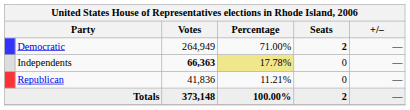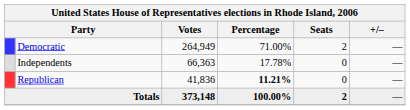 <table class="wikitable" style="font-size: 95%;">
 <tr>
 <th colspan="6">United States House of Representatives elections in Rhode Island, 2006</th>
 </tr>
 <tr>
 <th colspan=2 style="width: 15em">Party</th>
 <th style="width: 5em">Votes</th>
 <th style="width: 7em">Percentage</th>
 <th style="width: 5em">Seats</th>
 <th style="width: 5em">+/–</th>
 </tr>
 <tr>
 <th style="background-color:#3333FF; width: 3px"></th>
 <td style="width: 130px"><a href='#'>Democratic</a></td>
 <td align="right">264,949</td>
 <td align="right">71.00%</td>
-<td align="right"><strong>2</strong></td>
+<td align="right">2</td>
 <td align="right">—</td>
 </tr>
 <tr>
 <th style="background-color:#DDDDDD; width: 3px"></th>
 <td style="width: 130px">Independents</td>
-<td align="right"><strong>66,363</strong></td>
-<td align="right" style="background: khaki;">17.78%</td>
+<td align="right">66,363</td>
+<td align="right">17.78%</td>
 <td align="right">0</td>
 <td align="right">—</td>
 </tr>
 <tr>
 <th style="background-color:#FF3333; width: 3px"></th>
 <td style="width: 130px"><a href='#'>Republican</a></td>
 <td align="right">41,836</td>
-<td align="right">11.21%</td>
+<td align="right"><strong>11.21%</strong></td>
 <td align="right">0</td>
 <td align="right">—</td>
 </tr>
 <tr bgcolor="#EEEEEE">
 <td colspan="2" align="right"><strong>Totals</strong></td>
 <td align="right"><strong>373,148</strong></td>
 <td align="right"><strong>100.00%</strong></td>
 <td align="right"><strong>2</strong></td>
 <td align="right"><strong>—</strong></td>
 </tr>
 <tr bgcolor="#EEEEEE">
 </tr>
 </table>
